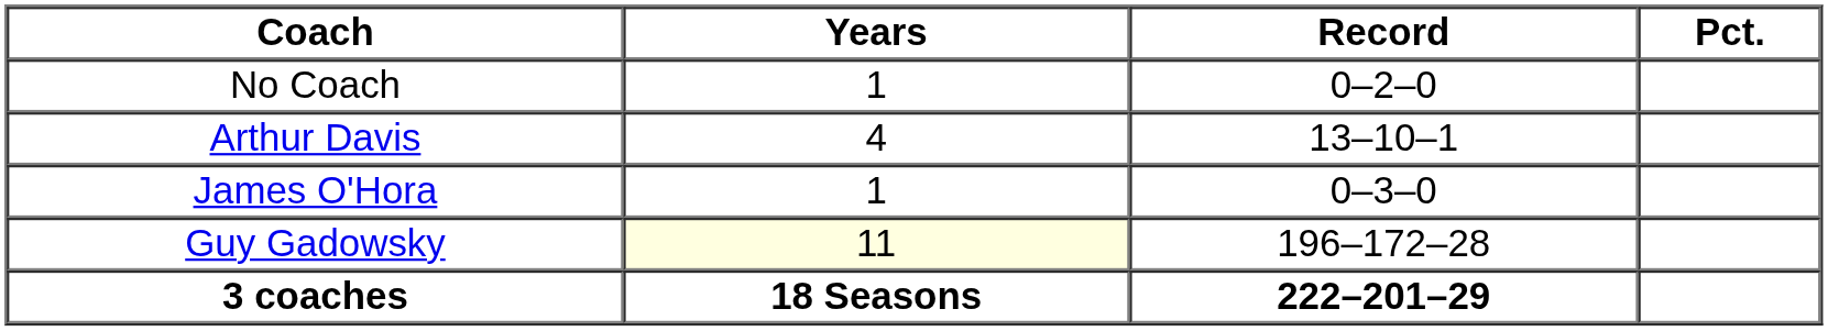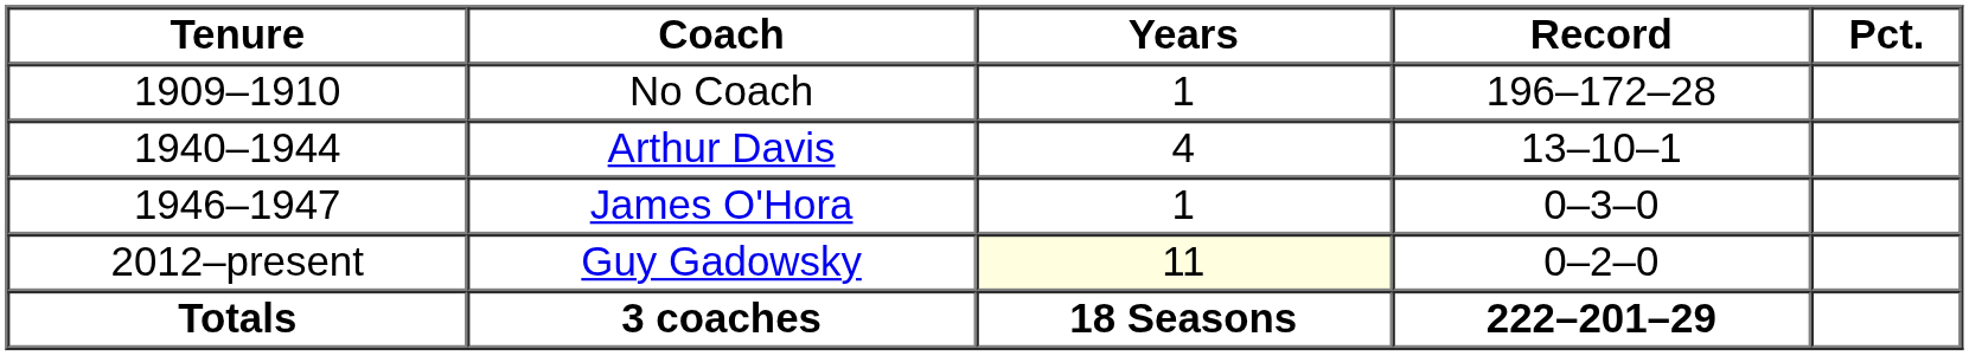 <table cellpadding="1" border="1" cellspacing="0" width="60%">
 <tr>
+<th>Tenure</th>
 <th>Coach</th>
 <th>Years</th>
 <th>Record</th>
 <th>Pct.</th>
 </tr>
 <tr align="center">
+<td>1909–1910</td>
 <td>No Coach</td>
 <td>1</td>
-<td>0–2–0</td>
+<td>196–172–28</td>
 <td></td>
 </tr>
 <tr align="center">
+<td>1940–1944</td>
 <td><a href='#'>Arthur Davis</a></td>
 <td>4</td>
 <td>13–10–1</td>
 <td></td>
 </tr>
 <tr align="center">
+<td>1946–1947</td>
 <td><a href='#'>James O'Hora</a></td>
 <td>1</td>
 <td>0–3–0</td>
 <td></td>
 </tr>
 <tr align="center">
+<td>2012–present</td>
 <td><a href='#'>Guy Gadowsky</a></td>
 <td style="background: lightyellow;">11</td>
-<td>196–172–28</td>
+<td>0–2–0</td>
 <td></td>
 </tr>
 <tr style="text-align:center">
+<th>Totals</th>
 <th>3 coaches</th>
 <th>18 Seasons</th>
 <th>222–201–29</th>
 <th></th>
 </tr>
 </table>
